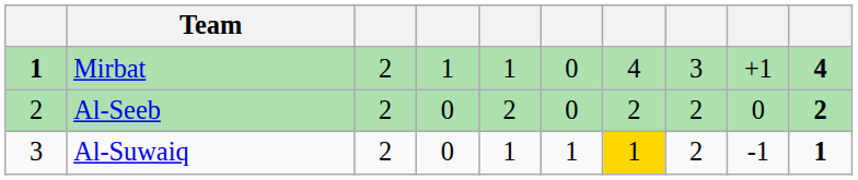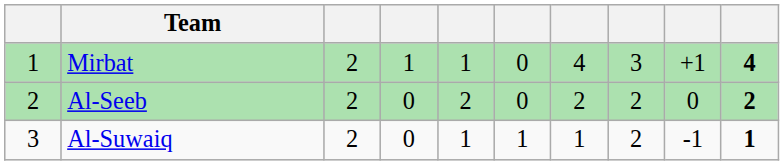 <table class="wikitable" style="text-align: center;">
 <tr>
 <th width=30></th>
 <th width=165>Team</th>
 <th width=30></th>
 <th width=30></th>
 <th width=30></th>
 <th width=30></th>
 <th width=30></th>
 <th width=30></th>
 <th width=30></th>
 <th width=30></th>
 </tr>
 <tr bgcolor=#ACE1AF>
-<td><strong>1</strong></td>
+<td>1</td>
 <td align=left><a href='#'>Mirbat</a></td>
 <td>2</td>
 <td>1</td>
 <td>1</td>
 <td>0</td>
 <td>4</td>
 <td>3</td>
 <td>+1</td>
 <td><strong>4</strong></td>
 </tr>
 <tr bgcolor=#ACE1AF>
 <td>2</td>
 <td align=left><a href='#'>Al-Seeb</a></td>
 <td>2</td>
 <td>0</td>
 <td>2</td>
 <td>0</td>
 <td>2</td>
 <td>2</td>
 <td>0</td>
 <td><strong>2</strong></td>
 </tr>
 <tr>
 <td>3</td>
 <td align=left><a href='#'>Al-Suwaiq</a></td>
 <td>2</td>
 <td>0</td>
 <td>1</td>
 <td>1</td>
-<td style="background: gold;">1</td>
+<td>1</td>
 <td>2</td>
 <td>-1</td>
 <td><strong>1</strong></td>
 </tr>
 </table>
